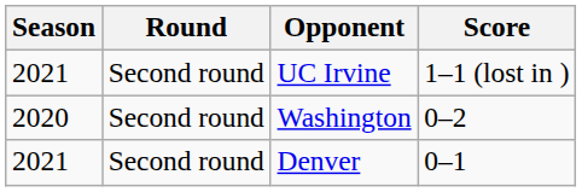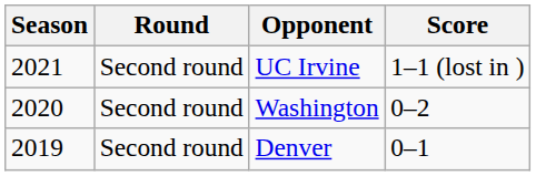 <table class="wikitable">
 <tr>
 <th width=px>Season</th>
 <th width=px>Round</th>
 <th width=px>Opponent</th>
 <th width=px>Score</th>
 </tr>
 <tr>
 <td>2021</td>
 <td>Second round</td>
 <td><a href='#'>UC Irvine</a></td>
 <td>1–1 (lost in )</td>
 </tr>
 <tr>
 <td>2020</td>
 <td>Second round</td>
 <td><a href='#'>Washington</a></td>
 <td>0–2</td>
 </tr>
 <tr>
-<td>2021</td>
+<td>2019</td>
 <td>Second round</td>
 <td><a href='#'>Denver</a></td>
 <td>0–1</td>
 </tr>
 </table>
